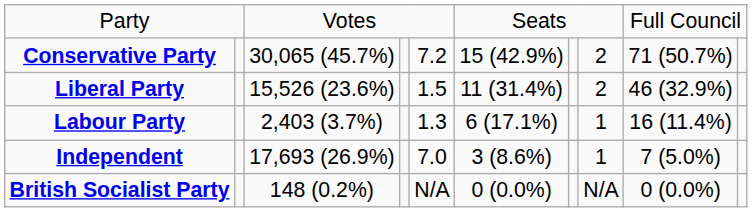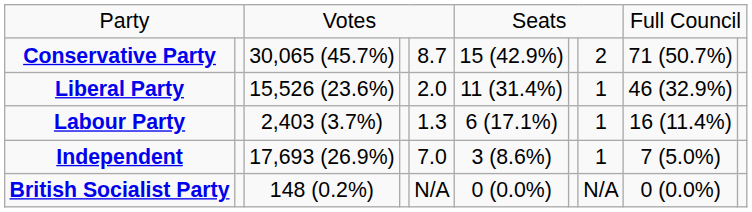 <table class=wikitable style="text-align:center;">
 <tr>
 <td colspan=2>Party</td>
 <td colspan=3>Votes</td>
 <td colspan=3>Seats</td>
 <td colspan=3>Full Council</td>
 </tr>
 <tr>
 <td><strong><a href='#'>Conservative Party</a></strong></td>
 <td style="background:"></td>
 <td>30,065 (45.7%)</td>
 <td></td>
-<td> 7.2</td>
+<td> 8.7</td>
 <td>15 (42.9%)</td>
 <td></td>
 <td> 2</td>
 <td>71 (50.7%)</td>
 <td></td>
 </tr>
 <tr>
 <td><strong><a href='#'>Liberal Party</a></strong></td>
 <td style="background:"></td>
 <td>15,526 (23.6%)</td>
 <td></td>
-<td> 1.5</td>
+<td> 2.0</td>
 <td>11 (31.4%)</td>
 <td></td>
-<td> 2</td>
+<td> 1</td>
 <td>46 (32.9%)</td>
 <td></td>
 </tr>
 <tr>
 <td><strong><a href='#'>Labour Party</a></strong></td>
 <td style="background:"></td>
 <td>2,403 (3.7%)</td>
 <td></td>
 <td> 1.3</td>
 <td>6 (17.1%)</td>
 <td></td>
 <td> 1</td>
 <td>16 (11.4%)</td>
 <td></td>
 </tr>
 <tr>
 <td><strong><a href='#'>Independent</a></strong></td>
 <td style="background:"></td>
 <td>17,693 (26.9%)</td>
 <td></td>
 <td> 7.0</td>
 <td>3 (8.6%)</td>
 <td></td>
 <td> 1</td>
 <td>7 (5.0%)</td>
 <td></td>
 </tr>
 <tr>
 <td><strong><a href='#'>British Socialist Party</a></strong></td>
 <td style="background:"></td>
 <td>148 (0.2%)</td>
 <td></td>
 <td>N/A</td>
 <td>0 (0.0%)</td>
 <td></td>
 <td>N/A</td>
 <td>0 (0.0%)</td>
 <td></td>
 </tr>
 </table>
